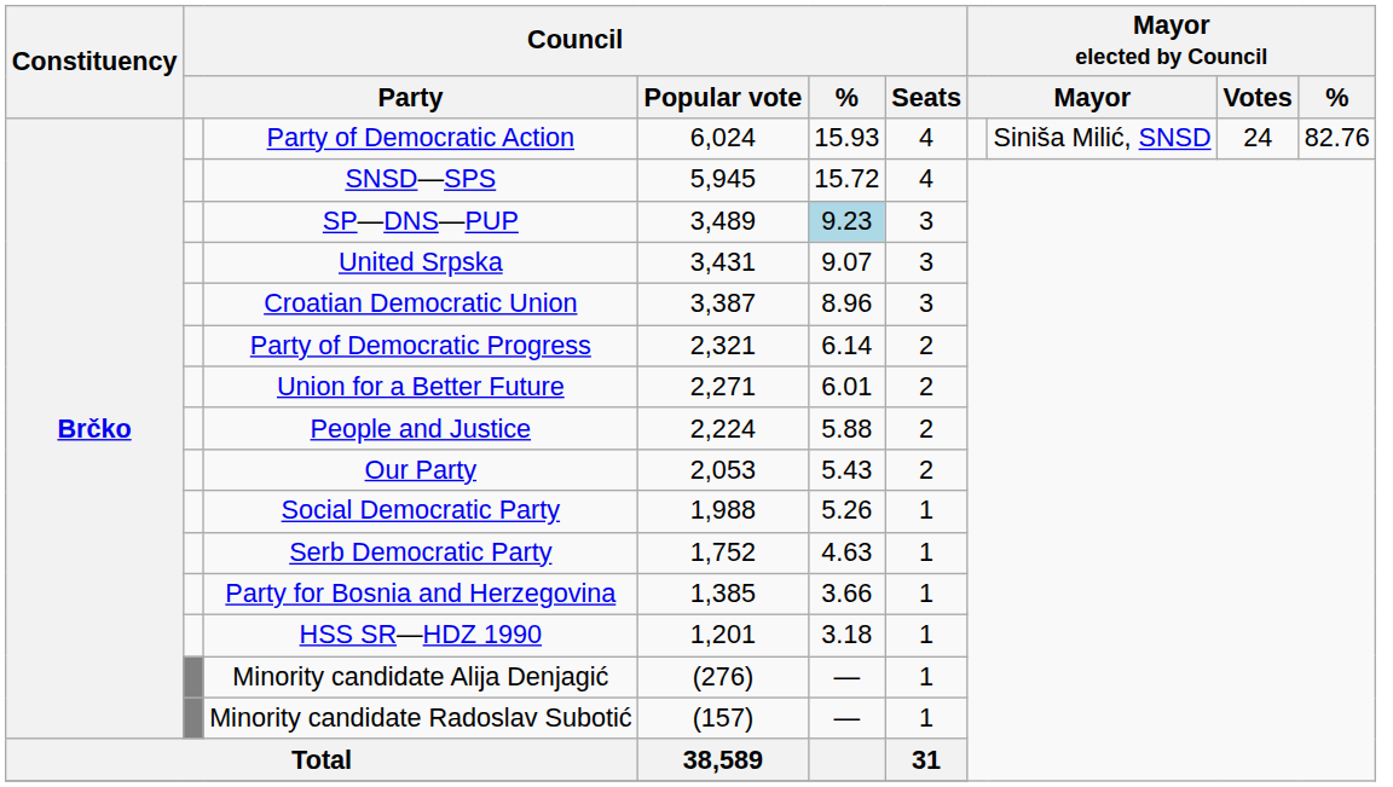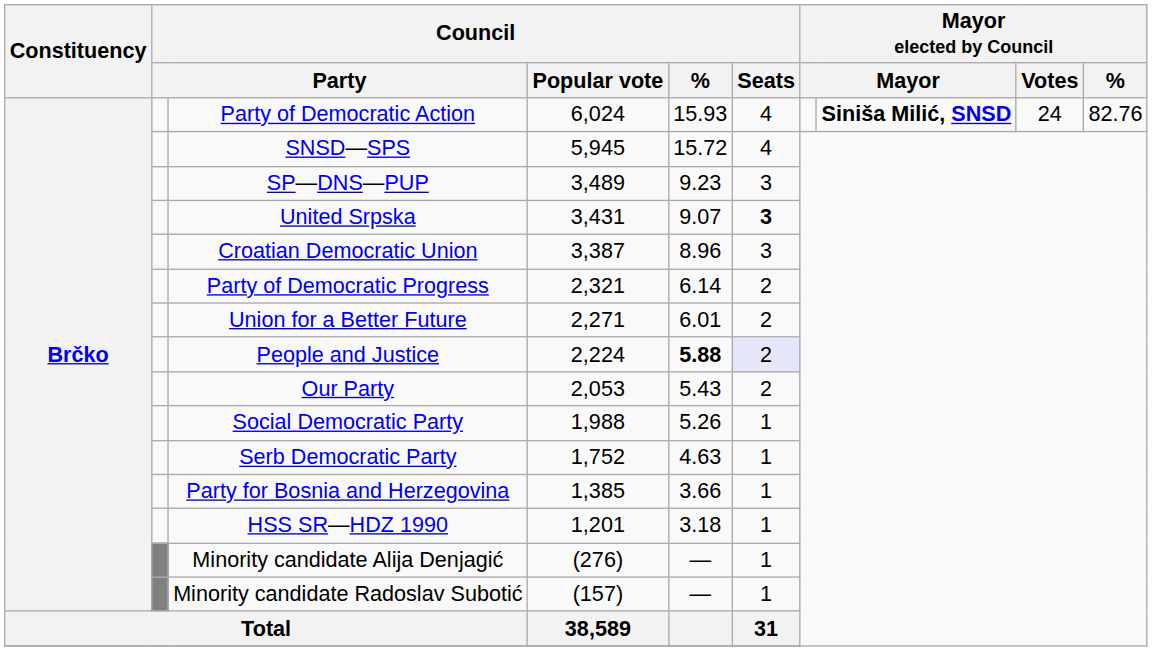 <table class="wikitable">
 <tr>
 <th rowspan=2>Constituency</th>
 <th colspan=5>Council</th>
 <th colspan=5>Mayor<br><small>elected by Council</small></th>
 </tr>
 <tr>
 <th colspan=2>Party</th>
 <th>Popular vote</th>
 <th>%</th>
 <th>Seats</th>
 <th colspan=2>Mayor</th>
 <th>Votes</th>
 <th>%</th>
 </tr>
 <tr>
 <th rowspan=15><a href='#'>Brčko</a></th>
 <td width=5px style="background-color:"></td>
 <td align=center><a href='#'>Party of Democratic Action</a></td>
 <td align=center>6,024</td>
 <td align=center>15.93</td>
 <td align=center>4</td>
 <td width=5px style="background-color:"></td>
-<td>Siniša Milić, <a href='#'>SNSD</a></td>
+<td><strong>Siniša Milić, <a href='#'>SNSD</a></strong></td>
 <td align=center>24</td>
 <td align=center>82.76</td>
 </tr>
 <tr>
 <td width=5px style="background-color:"></td>
 <td align=center><a href='#'>SNSD</a>—<a href='#'>SPS</a></td>
 <td align=center>5,945</td>
 <td align=center>15.72</td>
 <td align=center>4</td>
 </tr>
 <tr>
 <td width=5px style="background-color:"></td>
 <td align=center><a href='#'>SP</a>—<a href='#'>DNS</a>—<a href='#'>PUP</a></td>
 <td align=center>3,489</td>
-<td align=center style="background: lightblue;">9.23</td>
+<td align=center>9.23</td>
 <td align=center>3</td>
 </tr>
 <tr>
 <td width=5px style="background-color:"></td>
 <td align=center><a href='#'>United Srpska</a></td>
 <td align=center>3,431</td>
 <td align=center>9.07</td>
-<td align=center>3</td>
+<td align=center><strong>3</strong></td>
 </tr>
 <tr>
 <td width=5px style="background-color:"></td>
 <td align=center><a href='#'>Croatian Democratic Union</a></td>
 <td align=center>3,387</td>
 <td align=center>8.96</td>
 <td align=center>3</td>
 </tr>
 <tr>
 <td width=5px style="background-color:"></td>
 <td align=center><a href='#'>Party of Democratic Progress</a></td>
 <td align=center>2,321</td>
 <td align=center>6.14</td>
 <td align=center>2</td>
 </tr>
 <tr>
 <td width=5px style="background-color:"></td>
 <td align=center><a href='#'>Union for a Better Future</a></td>
 <td align=center>2,271</td>
 <td align=center>6.01</td>
 <td align=center>2</td>
 </tr>
 <tr>
 <td width=5px style="background-color:"></td>
 <td align=center><a href='#'>People and Justice</a></td>
 <td align=center>2,224</td>
-<td align=center>5.88</td>
-<td align=center>2</td>
+<td align=center><strong>5.88</strong></td>
+<td align=center style="background: lavender;">2</td>
 </tr>
 <tr>
 <td width=5px style="background-color:"></td>
 <td align=center><a href='#'>Our Party</a></td>
 <td align=center>2,053</td>
 <td align=center>5.43</td>
 <td align=center>2</td>
 </tr>
 <tr>
 <td width=5px style="background-color:"></td>
 <td align=center><a href='#'>Social Democratic Party</a></td>
 <td align=center>1,988</td>
 <td align=center>5.26</td>
 <td align=center>1</td>
 </tr>
 <tr>
 <td width=5px style="background-color:"></td>
 <td align=center><a href='#'>Serb Democratic Party</a></td>
 <td align=center>1,752</td>
 <td align=center>4.63</td>
 <td align=center>1</td>
 </tr>
 <tr>
 <td width=5px style="background-color:"></td>
 <td align=center><a href='#'>Party for Bosnia and Herzegovina</a></td>
 <td align=center>1,385</td>
 <td align=center>3.66</td>
 <td align=center>1</td>
 </tr>
 <tr>
 <td width=5px style="background-color:"></td>
 <td align=center><a href='#'>HSS SR</a>—<a href='#'>HDZ 1990</a></td>
 <td align=center>1,201</td>
 <td align=center>3.18</td>
 <td align=center>1</td>
 </tr>
 <tr>
 <td width=5px style="background-color:grey"></td>
 <td align=center>Minority candidate Alija Denjagić</td>
 <td align=center>(276)</td>
 <td align=center>—</td>
 <td align=center>1</td>
 </tr>
 <tr>
 <td width=5px style="background-color:grey"></td>
 <td align=center>Minority candidate Radoslav Subotić</td>
 <td align=center>(157)</td>
 <td align=center>—</td>
 <td align=center>1</td>
 </tr>
 <tr>
 <th colspan=3><strong>Total</strong></th>
 <th align=center>38,589</th>
 <th align=center></th>
 <th align=center>31</th>
 </tr>
 <tr>
 </tr>
 </table>
